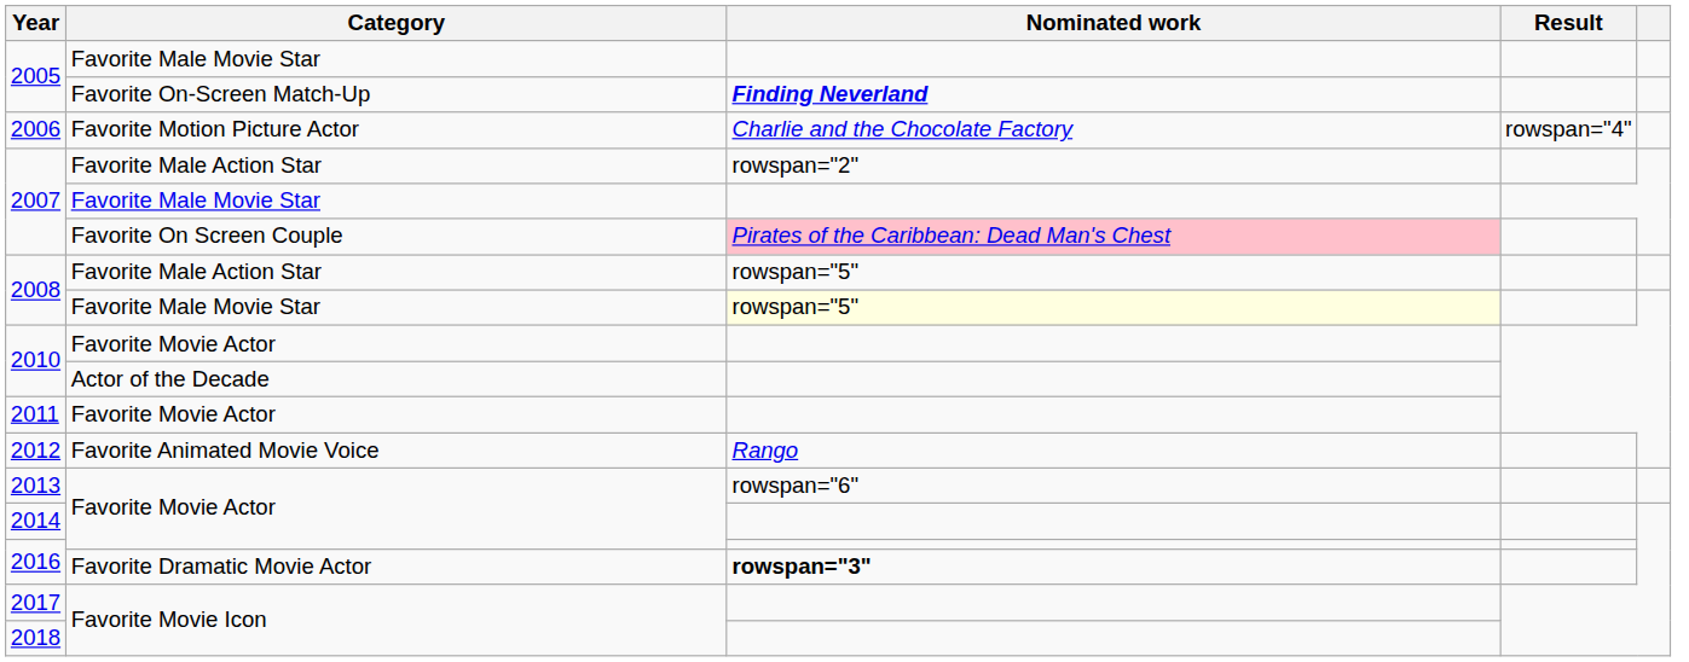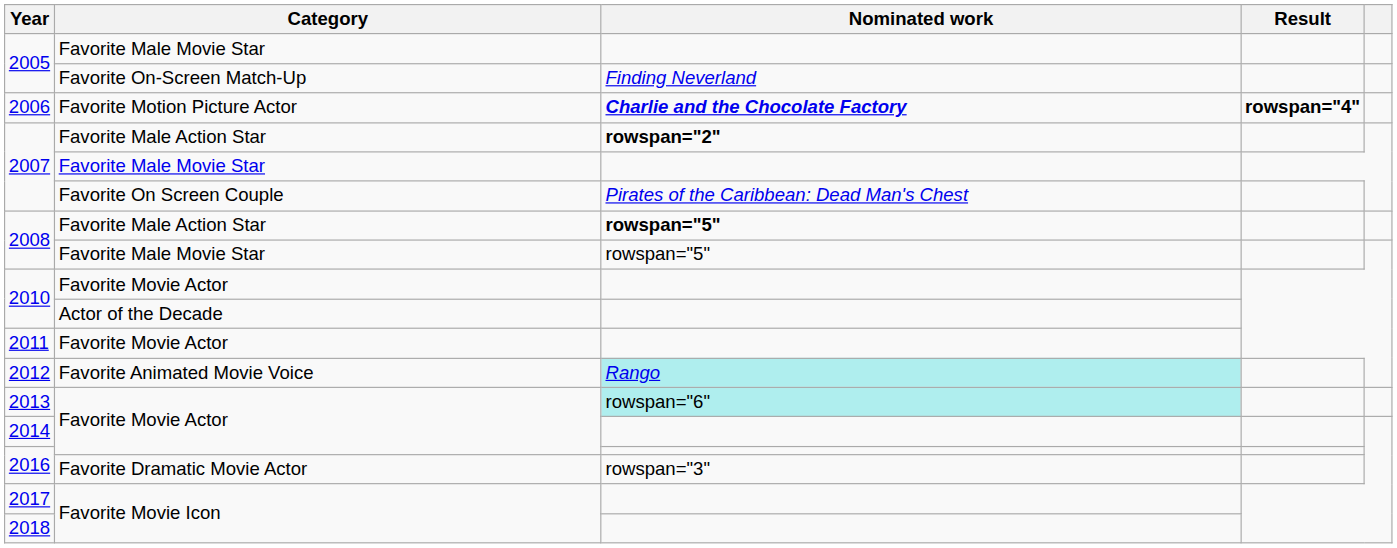 <table class="wikitable sortable">
 <tr>
 <th scope="col" style="width:1em;">Year</th>
 <th scope="col" style="width:29em;">Category</th>
 <th scope="col" style="width:34em;">Nominated work</th>
 <th scope="col" style="width:5em;">Result</th>
 <th scope="col" class="unsortable" style="width:1em;"></th>
 </tr>
 <tr>
 <td rowspan="2"><a href='#'>2005</a></td>
 <td>Favorite Male Movie Star</td>
 <td></td>
 <td></td>
 <td></td>
 </tr>
 <tr>
 <td>Favorite On-Screen Match-Up </td>
-<td><strong><em><a href='#'>Finding Neverland</a></em></strong></td>
+<td><em><a href='#'>Finding Neverland</a></em></td>
 <td></td>
 <td></td>
 </tr>
 <tr>
 <td><a href='#'>2006</a></td>
 <td>Favorite Motion Picture Actor</td>
-<td><em><a href='#'>Charlie and the Chocolate Factory</a></em></td>
-<td>rowspan="4" </td>
+<td><strong><em><a href='#'>Charlie and the Chocolate Factory</a></em></strong></td>
+<td><strong>rowspan="4" </strong></td>
 <td></td>
 </tr>
 <tr>
 <td rowspan="3"><a href='#'>2007</a></td>
 <td>Favorite Male Action Star</td>
-<td>rowspan="2" </td>
+<td><strong>rowspan="2" </strong></td>
 <td></td>
 </tr>
 <tr>
 <td><a href='#'>Favorite Male Movie Star</a></td>
 <td></td>
 </tr>
 <tr>
 <td>Favorite On Screen Couple </td>
-<td style="background: pink;"><em><a href='#'>Pirates of the Caribbean: Dead Man's Chest</a></em></td>
+<td><em><a href='#'>Pirates of the Caribbean: Dead Man's Chest</a></em></td>
 <td></td>
 </tr>
 <tr>
 <td rowspan="2"><a href='#'>2008</a></td>
 <td>Favorite Male Action Star</td>
-<td>rowspan="5" </td>
+<td><strong>rowspan="5" </strong></td>
 <td></td>
 <td></td>
 </tr>
 <tr>
 <td>Favorite Male Movie Star</td>
-<td style="background: lightyellow;">rowspan="5" </td>
+<td>rowspan="5" </td>
 <td></td>
 </tr>
 <tr>
 <td rowspan="2"><a href='#'>2010</a></td>
 <td>Favorite Movie Actor</td>
 <td></td>
 </tr>
 <tr>
 <td>Actor of the Decade</td>
 <td></td>
 </tr>
 <tr>
 <td><a href='#'>2011</a></td>
 <td>Favorite Movie Actor</td>
 <td></td>
 </tr>
 <tr>
 <td><a href='#'>2012</a></td>
 <td>Favorite Animated Movie Voice</td>
-<td><em><a href='#'>Rango</a></em></td>
+<td style="background: paleturquoise;"><em><a href='#'>Rango</a></em></td>
 <td></td>
 </tr>
 <tr>
 <td><a href='#'>2013</a></td>
 <td rowspan="3">Favorite Movie Actor</td>
-<td>rowspan="6" </td>
+<td style="background: paleturquoise;">rowspan="6" </td>
 <td></td>
 <td></td>
 </tr>
 <tr>
 <td><a href='#'>2014</a></td>
 <td></td>
 <td></td>
 </tr>
 <tr>
 <td rowspan="2"><a href='#'>2016</a></td>
 <td></td>
 <td></td>
 </tr>
 <tr>
 <td>Favorite Dramatic Movie Actor</td>
-<td><strong>rowspan="3" </strong></td>
+<td>rowspan="3" </td>
 <td></td>
 </tr>
 <tr>
 <td><a href='#'>2017</a></td>
 <td rowspan="2">Favorite Movie Icon</td>
 <td></td>
 </tr>
 <tr>
 <td><a href='#'>2018</a></td>
 <td></td>
 </tr>
 </table>
